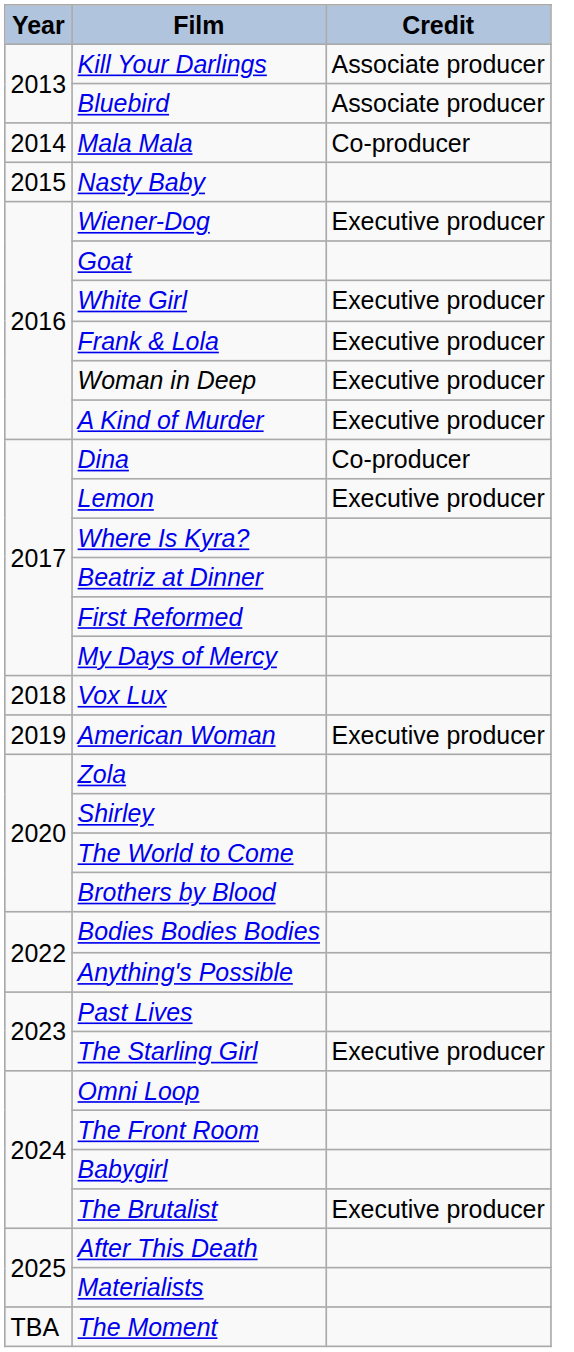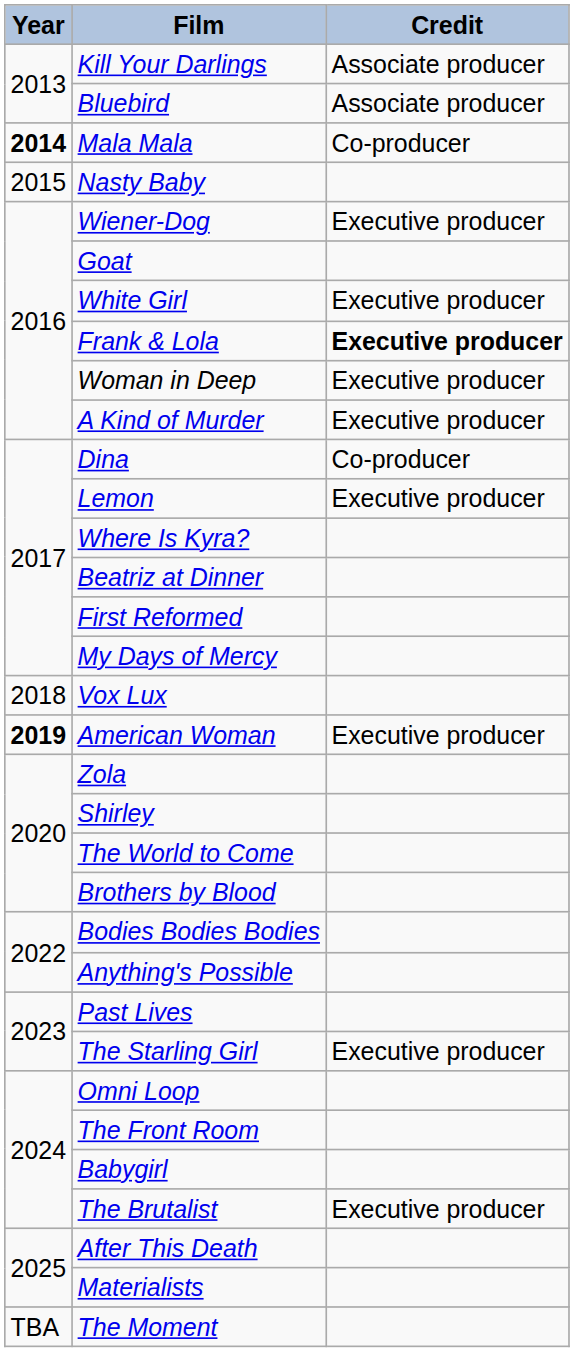 <table class="wikitable" style="font-size:95%;">
 <tr>
 <th style="background:#B0C4DE;">Year</th>
 <th style="background:#B0C4DE;">Film</th>
 <th style="background:#B0C4DE;">Credit</th>
 </tr>
 <tr>
 <td rowspan=2>2013</td>
 <td><em><a href='#'>Kill Your Darlings</a></em></td>
 <td>Associate producer</td>
 </tr>
 <tr>
 <td><em><a href='#'>Bluebird</a></em></td>
 <td>Associate producer</td>
 </tr>
 <tr>
-<td>2014</td>
+<td><strong>2014</strong></td>
 <td><em><a href='#'>Mala Mala</a></em></td>
 <td>Co-producer</td>
 </tr>
 <tr>
 <td>2015</td>
 <td><em><a href='#'>Nasty Baby</a></em></td>
 <td></td>
 </tr>
 <tr>
 <td rowspan=6>2016</td>
 <td><em><a href='#'>Wiener-Dog</a></em></td>
 <td>Executive producer</td>
 </tr>
 <tr>
 <td><em><a href='#'>Goat</a></em></td>
 <td></td>
 </tr>
 <tr>
 <td><em><a href='#'>White Girl</a></em></td>
 <td>Executive producer</td>
 </tr>
 <tr>
 <td><em><a href='#'>Frank & Lola</a></em></td>
-<td>Executive producer</td>
+<td><strong>Executive producer</strong></td>
 </tr>
 <tr>
 <td><em>Woman in Deep</em></td>
 <td>Executive producer</td>
 </tr>
 <tr>
 <td><em><a href='#'>A Kind of Murder</a></em></td>
 <td>Executive producer</td>
 </tr>
 <tr>
 <td rowspan=6>2017</td>
 <td><em><a href='#'>Dina</a></em></td>
 <td>Co-producer</td>
 </tr>
 <tr>
 <td><em><a href='#'>Lemon</a></em></td>
 <td>Executive producer</td>
 </tr>
 <tr>
 <td><em><a href='#'>Where Is Kyra?</a></em></td>
 <td></td>
 </tr>
 <tr>
 <td><em><a href='#'>Beatriz at Dinner</a></em></td>
 <td></td>
 </tr>
 <tr>
 <td><em><a href='#'>First Reformed</a></em></td>
 <td></td>
 </tr>
 <tr>
 <td><em><a href='#'>My Days of Mercy</a></em></td>
 <td></td>
 </tr>
 <tr>
 <td>2018</td>
 <td><em><a href='#'>Vox Lux</a></em></td>
 <td></td>
 </tr>
 <tr>
-<td>2019</td>
+<td><strong>2019</strong></td>
 <td><em><a href='#'>American Woman</a></em></td>
 <td>Executive producer</td>
 </tr>
 <tr>
 <td rowspan=4>2020</td>
 <td><em><a href='#'>Zola</a></em></td>
 <td></td>
 </tr>
 <tr>
 <td><em><a href='#'>Shirley</a></em></td>
 <td></td>
 </tr>
 <tr>
 <td><em><a href='#'>The World to Come</a></em></td>
 <td></td>
 </tr>
 <tr>
 <td><em><a href='#'>Brothers by Blood</a></em></td>
 <td></td>
 </tr>
 <tr>
 <td rowspan=2>2022</td>
 <td><em><a href='#'>Bodies Bodies Bodies</a></em></td>
 <td></td>
 </tr>
 <tr>
 <td><em><a href='#'>Anything's Possible</a></em></td>
 <td></td>
 </tr>
 <tr>
 <td rowspan=2>2023</td>
 <td><em><a href='#'>Past Lives</a></em></td>
 <td></td>
 </tr>
 <tr>
 <td><em><a href='#'>The Starling Girl</a></em></td>
 <td>Executive producer</td>
 </tr>
 <tr>
 <td rowspan=4>2024</td>
 <td><em><a href='#'>Omni Loop</a></em></td>
 <td></td>
 </tr>
 <tr>
 <td><em><a href='#'>The Front Room</a></em></td>
 <td></td>
 </tr>
 <tr>
 <td><em><a href='#'>Babygirl</a></em></td>
 <td></td>
 </tr>
 <tr>
 <td><em><a href='#'>The Brutalist</a></em></td>
 <td>Executive producer</td>
 </tr>
 <tr>
 <td rowspan=2>2025</td>
 <td><em><a href='#'>After This Death</a></em></td>
 <td></td>
 </tr>
 <tr>
 <td><em><a href='#'>Materialists</a></em></td>
 <td></td>
 </tr>
 <tr>
 <td>TBA</td>
 <td><em><a href='#'>The Moment</a></em></td>
 <td></td>
 </tr>
 </table>
